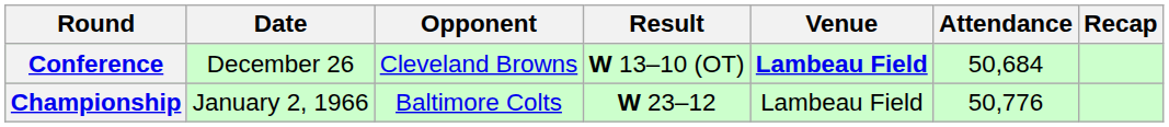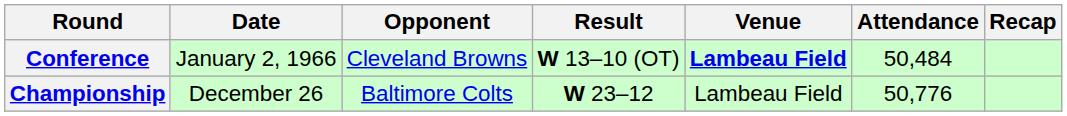 <table class="wikitable" style="text-align:center">
 <tr>
 <th>Round</th>
 <th>Date</th>
 <th>Opponent</th>
 <th>Result</th>
 <th>Venue</th>
 <th>Attendance</th>
 <th>Recap</th>
 </tr>
 <tr style="background:#cfc">
 <th><a href='#'>Conference</a></th>
-<td>December 26</td>
+<td>January 2, 1966</td>
 <td><a href='#'>Cleveland Browns</a></td>
 <td><strong>W</strong> 13–10 (OT)</td>
 <td><strong><a href='#'>Lambeau Field</a></strong></td>
-<td>50,684</td>
+<td>50,484</td>
 <td></td>
 </tr>
 <tr style="background:#cfc">
 <th><a href='#'>Championship</a></th>
-<td>January 2, 1966</td>
+<td>December 26</td>
 <td><a href='#'>Baltimore Colts</a></td>
 <td><strong>W</strong> 23–12</td>
 <td>Lambeau Field</td>
 <td>50,776</td>
 <td></td>
 </tr>
 </table>
